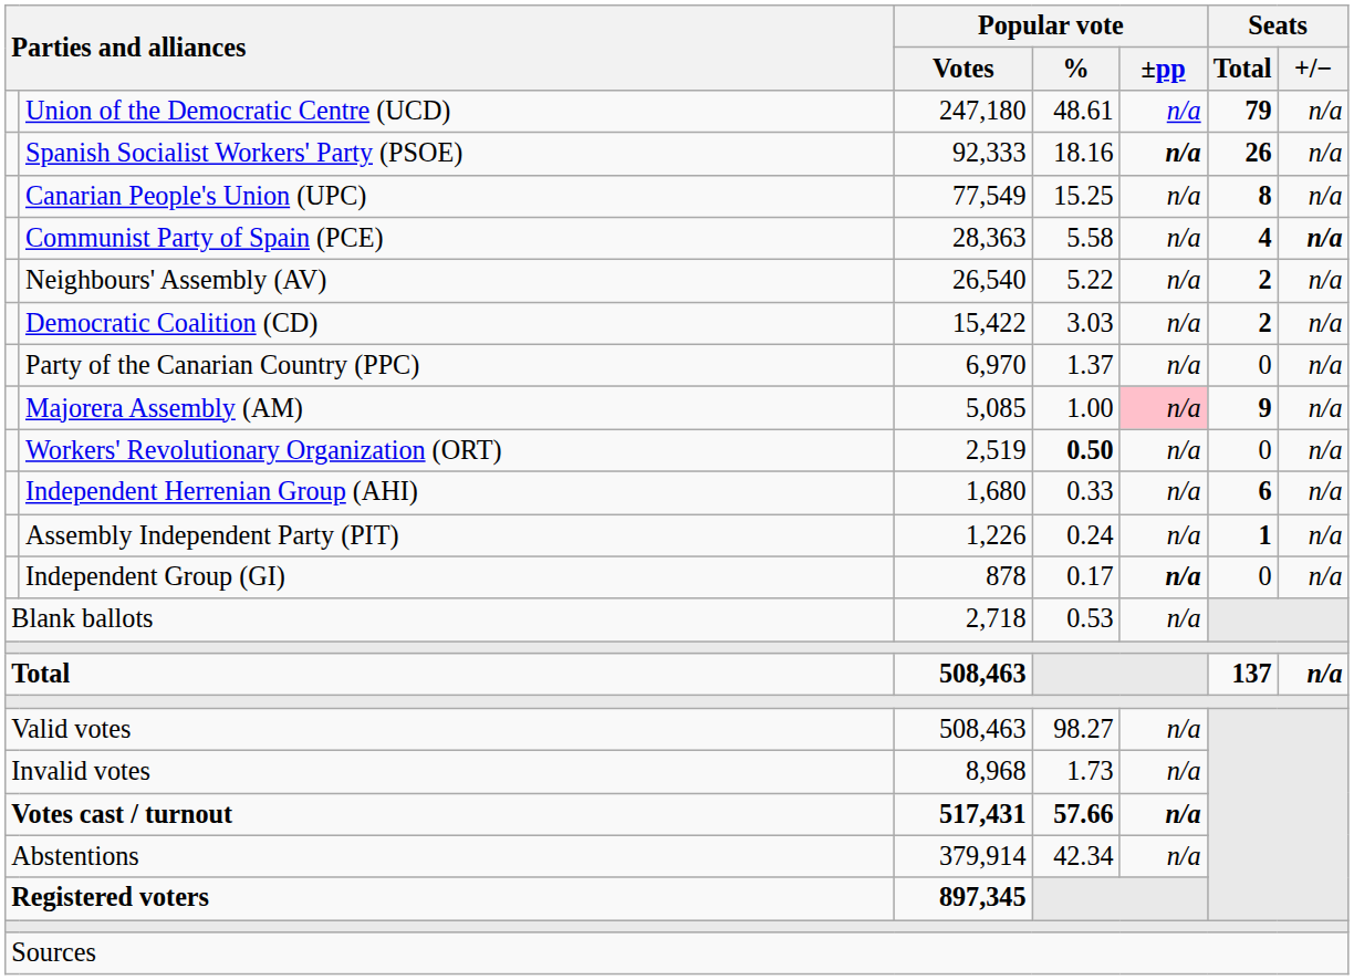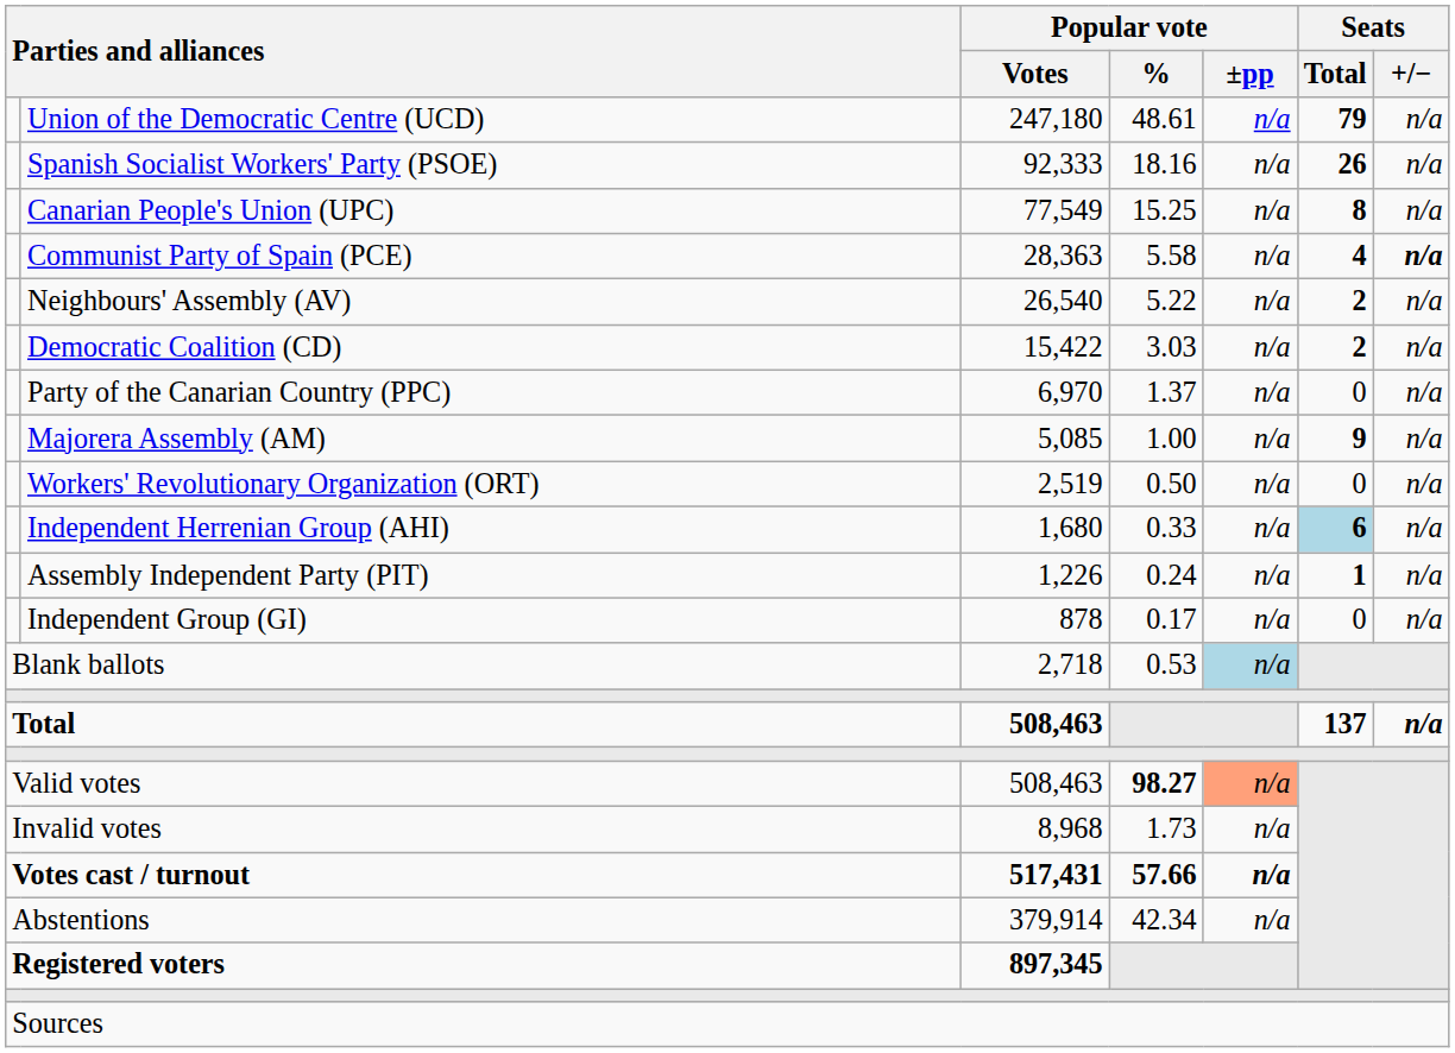 <table class="wikitable" style="text-align:right;">
 <tr>
 <th style="text-align:left;" rowspan="2" colspan="2" width="525">Parties and alliances</th>
 <th colspan="3">Popular vote</th>
 <th colspan="2">Seats</th>
 </tr>
 <tr>
 <th width="75">Votes</th>
 <th width="45">%</th>
 <th width="45">±<a href='#'>pp</a></th>
 <th width="35">Total</th>
 <th width="35">+/−</th>
 </tr>
 <tr>
 <td width="1" style="color:inherit;background:"></td>
 <td align="left"><a href='#'>Union of the Democratic Centre</a> (UCD)</td>
 <td>247,180</td>
 <td>48.61</td>
 <td><em><a href='#'>n/a</a></em></td>
 <td><strong>79</strong></td>
 <td><em>n/a</em></td>
 </tr>
 <tr>
 <td style="color:inherit;background:"></td>
 <td align="left"><a href='#'>Spanish Socialist Workers' Party</a> (PSOE)</td>
 <td>92,333</td>
 <td>18.16</td>
-<td><strong><em>n/a</em></strong></td>
+<td><em>n/a</em></td>
 <td><strong>26</strong></td>
 <td><em>n/a</em></td>
 </tr>
 <tr>
 <td style="color:inherit;background:"></td>
 <td align="left"><a href='#'>Canarian People's Union</a> (UPC)</td>
 <td>77,549</td>
 <td>15.25</td>
 <td><em>n/a</em></td>
 <td><strong>8</strong></td>
 <td><em>n/a</em></td>
 </tr>
 <tr>
 <td style="color:inherit;background:"></td>
 <td align="left"><a href='#'>Communist Party of Spain</a> (PCE)</td>
 <td>28,363</td>
 <td>5.58</td>
 <td><em>n/a</em></td>
 <td><strong>4</strong></td>
 <td><strong><em>n/a</em></strong></td>
 </tr>
 <tr>
 <td style="color:inherit;background:"></td>
 <td align="left">Neighbours' Assembly (AV)</td>
 <td>26,540</td>
 <td>5.22</td>
 <td><em>n/a</em></td>
 <td><strong>2</strong></td>
 <td><em>n/a</em></td>
 </tr>
 <tr>
 <td style="color:inherit;background:"></td>
 <td align="left"><a href='#'>Democratic Coalition</a> (CD)</td>
 <td>15,422</td>
 <td>3.03</td>
 <td><em>n/a</em></td>
 <td><strong>2</strong></td>
 <td><em>n/a</em></td>
 </tr>
 <tr>
 <td style="color:inherit;background:"></td>
 <td align="left">Party of the Canarian Country (PPC)</td>
 <td>6,970</td>
 <td>1.37</td>
 <td><em>n/a</em></td>
 <td>0</td>
 <td><em>n/a</em></td>
 </tr>
 <tr>
 <td style="color:inherit;background:"></td>
 <td align="left"><a href='#'>Majorera Assembly</a> (AM)</td>
 <td>5,085</td>
 <td>1.00</td>
-<td style="background: pink;"><em>n/a</em></td>
+<td><em>n/a</em></td>
 <td><strong>9</strong></td>
 <td><em>n/a</em></td>
 </tr>
 <tr>
 <td style="color:inherit;background:"></td>
 <td align="left"><a href='#'>Workers' Revolutionary Organization</a> (ORT)</td>
 <td>2,519</td>
-<td><strong>0.50</strong></td>
+<td>0.50</td>
 <td><em>n/a</em></td>
 <td>0</td>
 <td><em>n/a</em></td>
 </tr>
 <tr>
 <td style="color:inherit;background:"></td>
 <td align="left"><a href='#'>Independent Herrenian Group</a> (AHI)</td>
 <td>1,680</td>
 <td>0.33</td>
 <td><em>n/a</em></td>
-<td><strong>6</strong></td>
+<td style="background: lightblue;"><strong>6</strong></td>
 <td><em>n/a</em></td>
 </tr>
 <tr>
 <td style="color:inherit;background:"></td>
 <td align="left">Assembly Independent Party (PIT)</td>
 <td>1,226</td>
 <td>0.24</td>
 <td><em>n/a</em></td>
 <td><strong>1</strong></td>
 <td><em>n/a</em></td>
 </tr>
 <tr>
 <td style="color:inherit;background:"></td>
 <td align="left">Independent Group (GI)</td>
 <td>878</td>
 <td>0.17</td>
-<td><strong><em>n/a</em></strong></td>
+<td><em>n/a</em></td>
 <td>0</td>
 <td><em>n/a</em></td>
 </tr>
 <tr>
 <td align="left" colspan="2">Blank ballots</td>
 <td>2,718</td>
 <td>0.53</td>
-<td><em>n/a</em></td>
+<td style="background: lightblue;"><em>n/a</em></td>
 <td bgcolor="#E9E9E9" colspan="2"></td>
 </tr>
 <tr>
 <td colspan="7" bgcolor="#E9E9E9"></td>
 </tr>
 <tr style="font-weight:bold;">
 <td align="left" colspan="2">Total</td>
 <td>508,463</td>
 <td bgcolor="#E9E9E9" colspan="2"></td>
 <td>137</td>
 <td><em>n/a</em></td>
 </tr>
 <tr>
 <td colspan="7" bgcolor="#E9E9E9"></td>
 </tr>
 <tr>
 <td align="left" colspan="2">Valid votes</td>
 <td>508,463</td>
-<td>98.27</td>
-<td><em>n/a</em></td>
+<td><strong>98.27</strong></td>
+<td style="background: lightsalmon;"><em>n/a</em></td>
 <td bgcolor="#E9E9E9" colspan="2" rowspan="5"></td>
 </tr>
 <tr>
 <td align="left" colspan="2">Invalid votes</td>
 <td>8,968</td>
 <td>1.73</td>
 <td><em>n/a</em></td>
 </tr>
 <tr style="font-weight:bold;">
 <td align="left" colspan="2">Votes cast / turnout</td>
 <td>517,431</td>
 <td>57.66</td>
 <td><em>n/a</em></td>
 </tr>
 <tr>
 <td align="left" colspan="2">Abstentions</td>
 <td>379,914</td>
 <td>42.34</td>
 <td><em>n/a</em></td>
 </tr>
 <tr style="font-weight:bold;">
 <td align="left" colspan="2">Registered voters</td>
 <td>897,345</td>
 <td bgcolor="#E9E9E9" colspan="2"></td>
 </tr>
 <tr>
 <td colspan="7" bgcolor="#E9E9E9"></td>
 </tr>
 <tr>
 <td align="left" colspan="7">Sources</td>
 </tr>
 </table>
